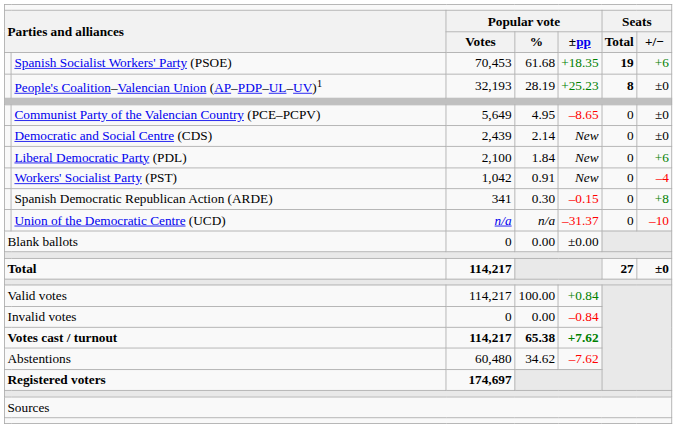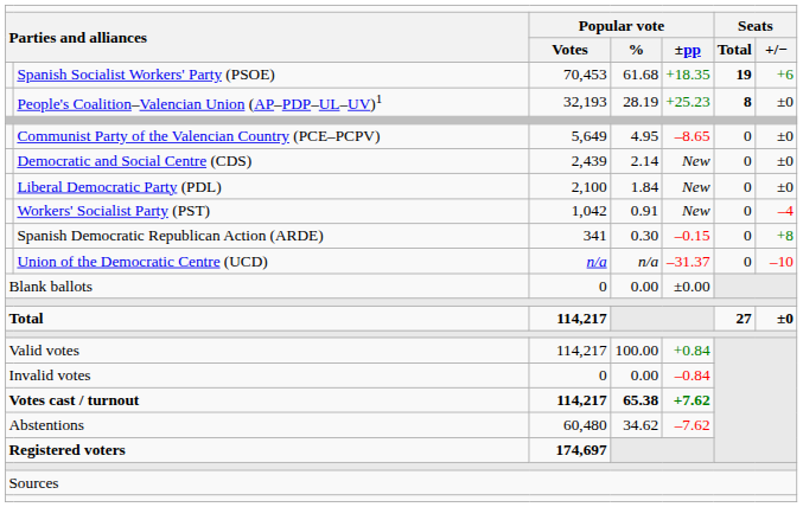 <table class="wikitable" style="text-align:right;">
 <tr>
 <td colspan="7"></td>
 </tr>
 <tr>
 <th style="text-align:left;" rowspan="2" colspan="2" width="525">Parties and alliances</th>
 <th colspan="3">Popular vote</th>
 <th colspan="2">Seats</th>
 </tr>
 <tr>
 <th width="75">Votes</th>
 <th width="45">%</th>
 <th width="45">±<a href='#'>pp</a></th>
 <th width="35">Total</th>
 <th width="35">+/−</th>
 </tr>
 <tr>
 <td width="1" style="color:inherit;background:"></td>
 <td align="left"><a href='#'>Spanish Socialist Workers' Party</a> (PSOE)</td>
 <td>70,453</td>
 <td>61.68</td>
 <td style="color:green;">+18.35</td>
 <td><strong>19</strong></td>
 <td style="color:green;">+6</td>
 </tr>
 <tr>
 <td style="color:inherit;background:"></td>
 <td align="left"><a href='#'>People's Coalition</a>–<a href='#'>Valencian Union</a> (<a href='#'>AP</a>–<a href='#'>PDP</a>–<a href='#'>UL</a>–<a href='#'>UV</a>)<sup>1</sup></td>
 <td>32,193</td>
 <td>28.19</td>
 <td style="color:green;">+25.23</td>
 <td><strong>8</strong></td>
 <td>±0</td>
 </tr>
 <tr>
 <td colspan="7" bgcolor="#C0C0C0"></td>
 </tr>
 <tr>
 <td style="color:inherit;background:"></td>
 <td align="left"><a href='#'>Communist Party of the Valencian Country</a> (PCE–PCPV)</td>
 <td>5,649</td>
 <td>4.95</td>
 <td style="color:red;">–8.65</td>
 <td>0</td>
 <td>±0</td>
 </tr>
 <tr>
 <td style="color:inherit;background:"></td>
 <td align="left"><a href='#'>Democratic and Social Centre</a> (CDS)</td>
 <td>2,439</td>
 <td>2.14</td>
 <td><em>New</em></td>
 <td>0</td>
 <td>±0</td>
 </tr>
 <tr>
 <td style="color:inherit;background:"></td>
 <td align="left"><a href='#'>Liberal Democratic Party</a> (PDL)</td>
 <td>2,100</td>
 <td>1.84</td>
 <td><em>New</em></td>
 <td>0</td>
-<td style="color:green;">+6</td>
+<td>±0</td>
 </tr>
 <tr>
 <td style="color:inherit;background:"></td>
 <td align="left"><a href='#'>Workers' Socialist Party</a> (PST)</td>
 <td>1,042</td>
 <td>0.91</td>
 <td><em>New</em></td>
 <td>0</td>
 <td style="color:red;">–4</td>
 </tr>
 <tr>
 <td style="color:inherit;background:"></td>
 <td align="left">Spanish Democratic Republican Action (ARDE)</td>
 <td>341</td>
 <td>0.30</td>
 <td style="color:red;">–0.15</td>
 <td>0</td>
 <td style="color:green;">+8</td>
 </tr>
 <tr>
 <td style="color:inherit;background:"></td>
 <td align="left"><a href='#'>Union of the Democratic Centre</a> (UCD)</td>
 <td><em><a href='#'>n/a</a></em></td>
 <td><em>n/a</em></td>
 <td style="color:red;">–31.37</td>
 <td>0</td>
 <td style="color:red;">–10</td>
 </tr>
 <tr>
 <td align="left" colspan="2">Blank ballots</td>
 <td>0</td>
 <td>0.00</td>
 <td>±0.00</td>
 <td bgcolor="#E9E9E9" colspan="2"></td>
 </tr>
 <tr>
 <td colspan="7" bgcolor="#E9E9E9"></td>
 </tr>
 <tr style="font-weight:bold;">
 <td align="left" colspan="2">Total</td>
 <td>114,217</td>
 <td bgcolor="#E9E9E9" colspan="2"></td>
 <td>27</td>
 <td>±0</td>
 </tr>
 <tr>
 <td colspan="7" bgcolor="#E9E9E9"></td>
 </tr>
 <tr>
 <td align="left" colspan="2">Valid votes</td>
 <td>114,217</td>
 <td>100.00</td>
 <td style="color:green;">+0.84</td>
 <td bgcolor="#E9E9E9" colspan="2" rowspan="5"></td>
 </tr>
 <tr>
 <td align="left" colspan="2">Invalid votes</td>
 <td>0</td>
 <td>0.00</td>
 <td style="color:red;">–0.84</td>
 </tr>
 <tr style="font-weight:bold;">
 <td align="left" colspan="2">Votes cast / turnout</td>
 <td>114,217</td>
 <td>65.38</td>
 <td style="color:green;">+7.62</td>
 </tr>
 <tr>
 <td align="left" colspan="2">Abstentions</td>
 <td>60,480</td>
 <td>34.62</td>
 <td style="color:red;">–7.62</td>
 </tr>
 <tr style="font-weight:bold;">
 <td align="left" colspan="2">Registered voters</td>
 <td>174,697</td>
 <td bgcolor="#E9E9E9" colspan="2"></td>
 </tr>
 <tr>
 <td colspan="7" bgcolor="#E9E9E9"></td>
 </tr>
 <tr>
 <td align="left" colspan="7">Sources</td>
 </tr>
 <tr>
 <td colspan="7" style="text-align:left; max-width:790px;"></td>
 </tr>
 </table>
